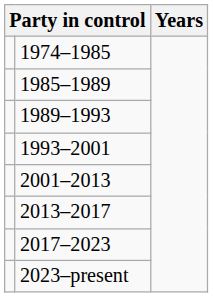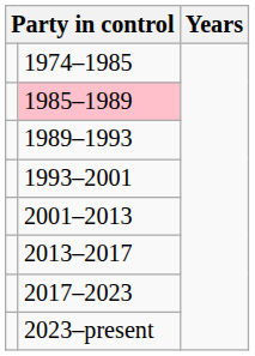 <table class="wikitable">
 <tr>
 <th colspan=2>Party in control</th>
 <th>Years</th>
 </tr>
 <tr>
 <td></td>
 <td>1974–1985</td>
 </tr>
 <tr>
 <td></td>
-<td>1985–1989</td>
+<td style="background: pink;">1985–1989</td>
 </tr>
 <tr>
 <td></td>
 <td>1989–1993</td>
 </tr>
 <tr>
 <td></td>
 <td>1993–2001</td>
 </tr>
 <tr>
 <td></td>
 <td>2001–2013</td>
 </tr>
 <tr>
 <td></td>
 <td>2013–2017</td>
 </tr>
 <tr>
 <td></td>
 <td>2017–2023</td>
 </tr>
 <tr>
 <td></td>
 <td>2023–present</td>
 </tr>
 </table>
